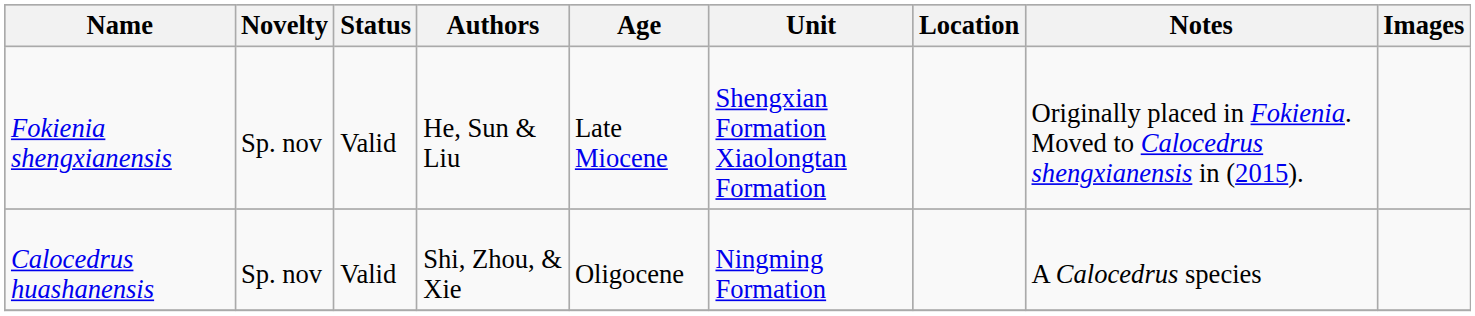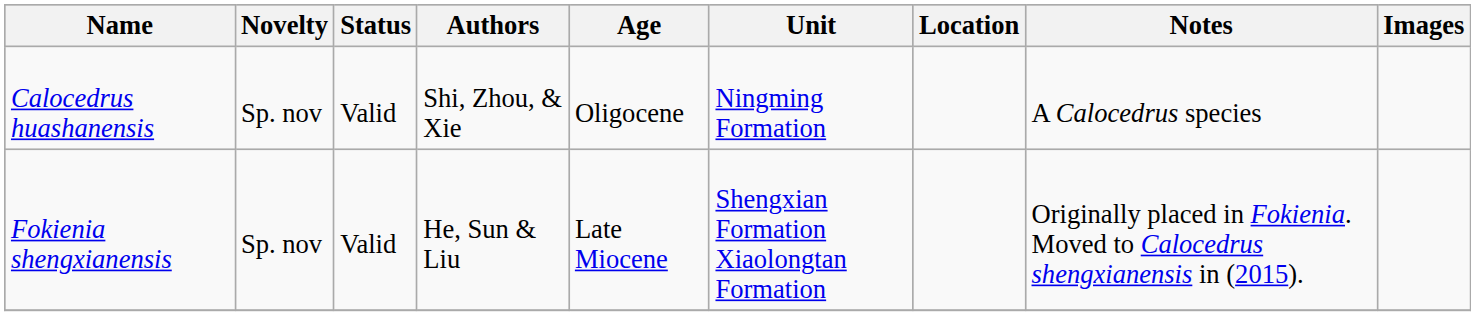 <table class="wikitable sortable" align="center" width="100%">
 <tr>
 <th>Name</th>
 <th>Novelty</th>
 <th>Status</th>
 <th>Authors</th>
 <th>Age</th>
 <th>Unit</th>
 <th>Location</th>
 <th>Notes</th>
 <th>Images</th>
 </tr>
 <tr>
+<td><br><em><a href='#'>Calocedrus huashanensis</a></em></td>
+<td><br>Sp. nov</td>
+<td><br>Valid</td>
+<td><br>Shi, Zhou, & Xie</td>
+<td><br>Oligocene</td>
+<td><br><a href='#'>Ningming Formation</a></td>
+<td><br></td>
+<td><br>A <em>Calocedrus</em> species</td>
+<td></td>
+</tr>
+<tr>
 <td><br><em><a href='#'>Fokienia shengxianensis</a></em></td>
 <td><br>Sp. nov</td>
 <td><br>Valid</td>
 <td><br>He, Sun & Liu</td>
 <td><br>Late <a href='#'>Miocene</a></td>
 <td><br><a href='#'>Shengxian Formation</a><br> <a href='#'>Xiaolongtan Formation</a></td>
 <td><br></td>
 <td><br>Originally placed in <em><a href='#'>Fokienia</a></em>.<br> Moved to <em><a href='#'>Calocedrus shengxianensis</a></em> in (<a href='#'>2015</a>).</td>
 <td></td>
 </tr>
 <tr>
-<td><br><em><a href='#'>Calocedrus huashanensis</a></em></td>
-<td><br>Sp. nov</td>
-<td><br>Valid</td>
-<td><br>Shi, Zhou, & Xie</td>
-<td><br>Oligocene</td>
-<td><br><a href='#'>Ningming Formation</a></td>
-<td><br></td>
-<td><br>A <em>Calocedrus</em> species</td>
-<td></td>
-</tr>
-<tr>
 </tr>
 </table>
